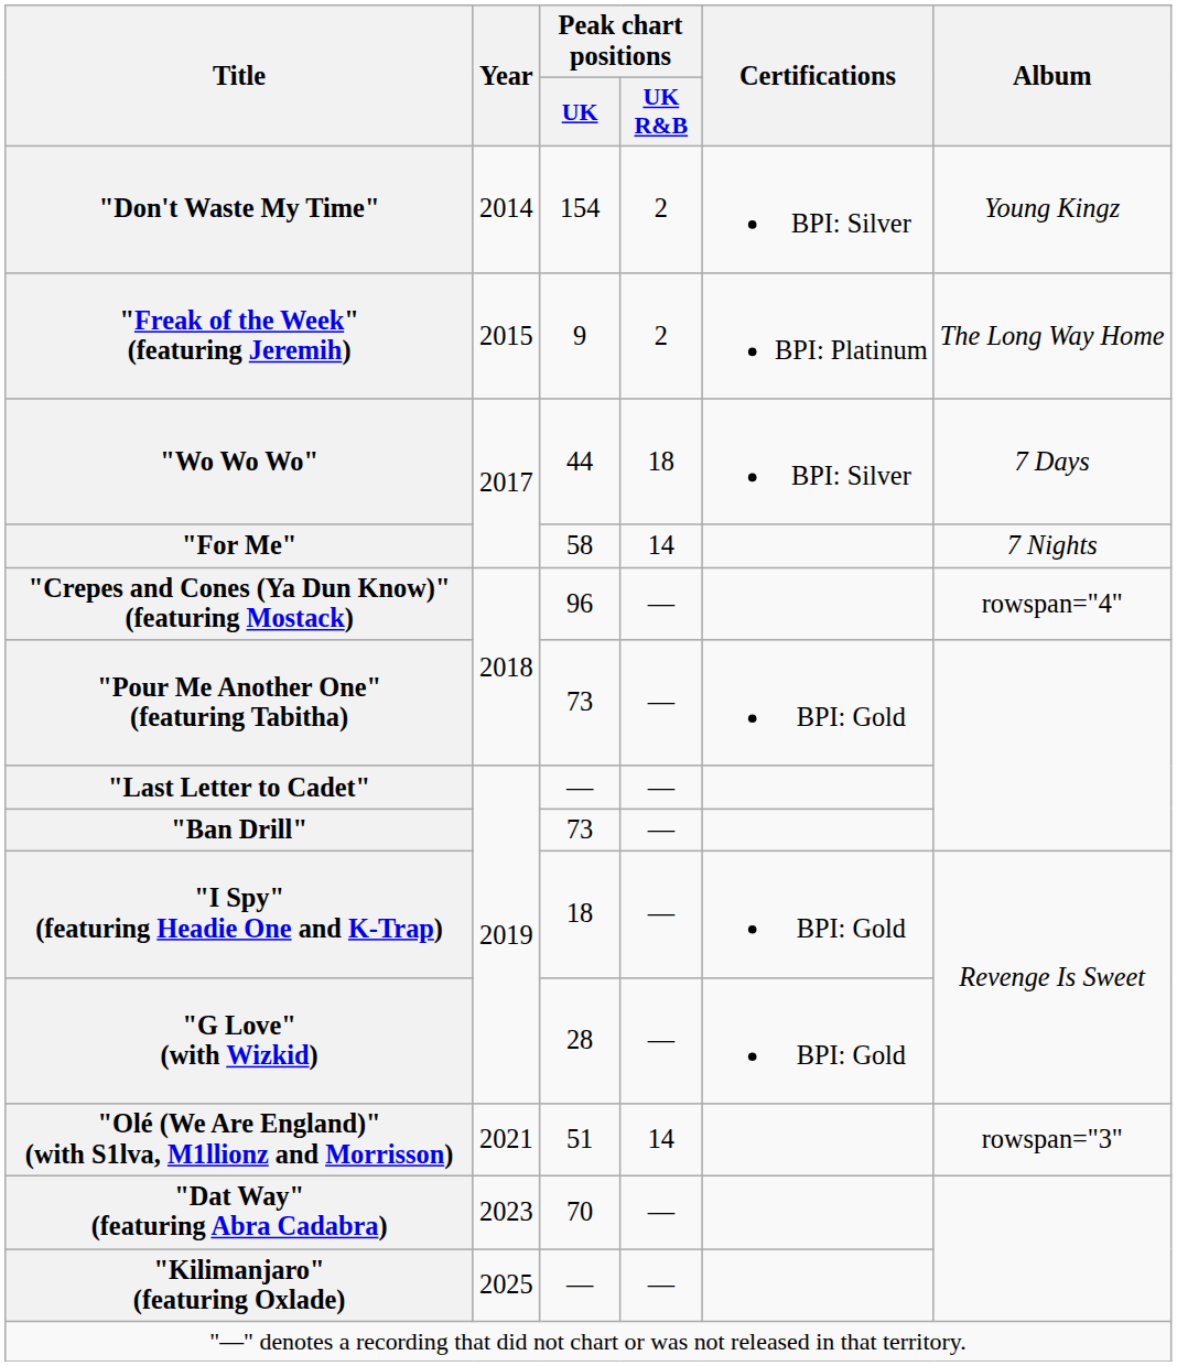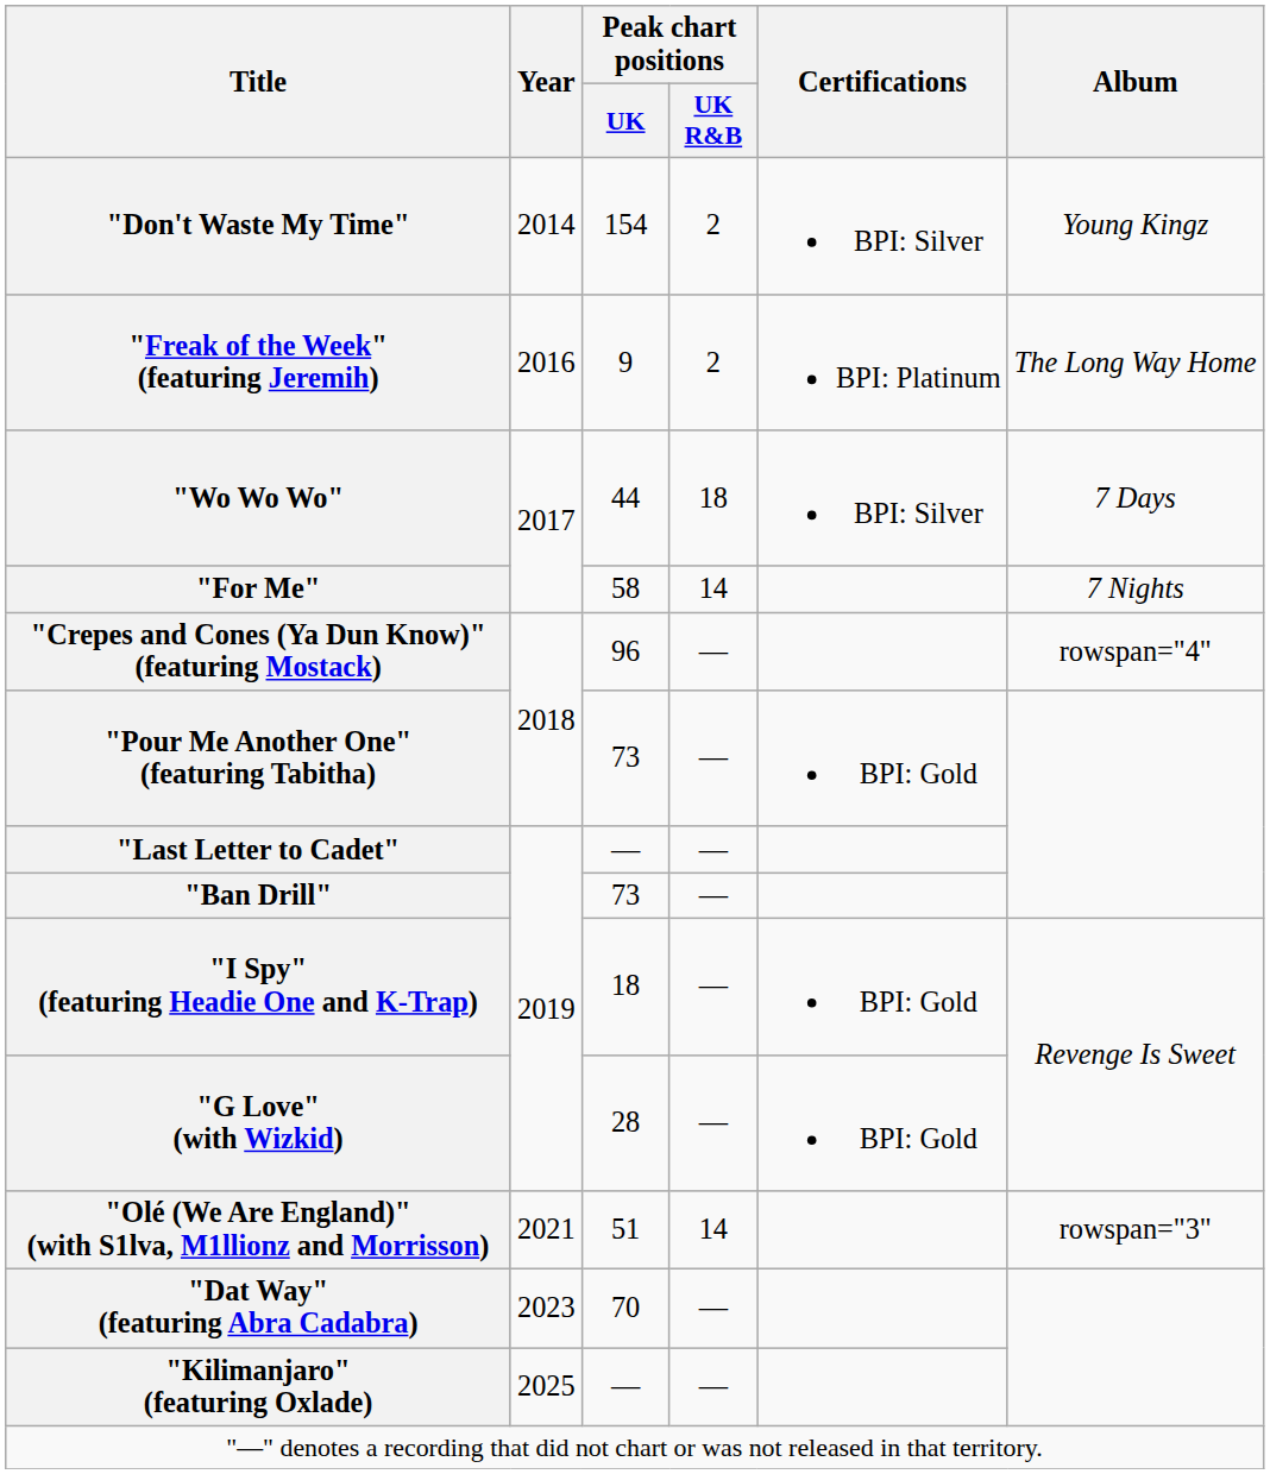 <table class="wikitable plainrowheaders" style="text-align:center;">
 <tr>
 <th scope="col" rowspan="2" style="width:17em;">Title</th>
 <th scope="col" rowspan="2">Year</th>
 <th scope="col" colspan="2">Peak chart positions</th>
 <th scope="col" rowspan="2">Certifications</th>
 <th scope="col" rowspan="2">Album</th>
 </tr>
 <tr>
 <th scope="col" style="width:2.9em;font-size:90%;"><a href='#'>UK</a><br></th>
 <th scope="col" style="width:2.9em;font-size:90%;"><a href='#'>UK<br>R&B</a><br></th>
 </tr>
 <tr>
 <th scope="row">"Don't Waste My Time"</th>
 <td>2014</td>
 <td>154</td>
 <td>2</td>
 <td><br><ul><li>BPI: Silver</li></ul></td>
 <td><em>Young Kingz</em></td>
 </tr>
 <tr>
 <th scope="row">"<a href='#'>Freak of the Week</a>"<br><span>(featuring <a href='#'>Jeremih</a>)</span></th>
-<td>2015</td>
+<td>2016</td>
 <td>9</td>
 <td>2</td>
 <td><br><ul><li>BPI: Platinum</li></ul></td>
 <td><em>The Long Way Home</em></td>
 </tr>
 <tr>
 <th scope="row">"Wo Wo Wo"</th>
 <td rowspan="2">2017</td>
 <td>44</td>
 <td>18</td>
 <td><br><ul><li>BPI: Silver</li></ul></td>
 <td><em>7 Days</em></td>
 </tr>
 <tr>
 <th scope="row">"For Me"</th>
 <td>58</td>
 <td>14</td>
 <td></td>
 <td><em>7 Nights</em></td>
 </tr>
 <tr>
 <th scope="row">"Crepes and Cones (Ya Dun Know)"<br><span>(featuring <a href='#'>Mostack</a>)</span></th>
 <td rowspan="2">2018</td>
 <td>96</td>
 <td>—</td>
 <td></td>
 <td>rowspan="4" </td>
 </tr>
 <tr>
 <th scope="row">"Pour Me Another One"<br><span>(featuring Tabitha)</span></th>
 <td>73</td>
 <td>—</td>
 <td><br><ul><li>BPI: Gold</li></ul></td>
 </tr>
 <tr>
 <th scope="row">"Last Letter to Cadet"</th>
 <td rowspan="4">2019</td>
 <td>—</td>
 <td>—</td>
 <td></td>
 </tr>
 <tr>
 <th scope="row">"Ban Drill"</th>
 <td>73</td>
 <td>—</td>
 <td></td>
 </tr>
 <tr>
 <th scope="row">"I Spy"<br><span>(featuring <a href='#'>Headie One</a> and <a href='#'>K-Trap</a>)</span></th>
 <td>18</td>
 <td>—</td>
 <td><br><ul><li>BPI: Gold</li></ul></td>
 <td rowspan="2"><em>Revenge Is Sweet</em></td>
 </tr>
 <tr>
 <th scope="row">"G Love"<br><span>(with <a href='#'>Wizkid</a>)</span></th>
 <td>28</td>
 <td>—</td>
 <td><br><ul><li>BPI: Gold</li></ul></td>
 </tr>
 <tr>
 <th scope="row">"Olé (We Are England)"<br><span>(with S1lva, <a href='#'>M1llionz</a> and <a href='#'>Morrisson</a>)</span></th>
 <td>2021</td>
 <td>51</td>
 <td>14</td>
 <td></td>
 <td>rowspan="3" </td>
 </tr>
 <tr>
 <th scope="row">"Dat Way"<br><span>(featuring <a href='#'>Abra Cadabra</a>)</span></th>
 <td>2023</td>
 <td>70</td>
 <td>—</td>
 <td></td>
 </tr>
 <tr>
 <th scope="row">"Kilimanjaro"<br><span>(featuring Oxlade)</span></th>
 <td>2025</td>
 <td>—</td>
 <td>—</td>
 <td></td>
 </tr>
 <tr>
 <td colspan="6" style="font-size:90%">"—" denotes a recording that did not chart or was not released in that territory.</td>
 </tr>
 </table>
